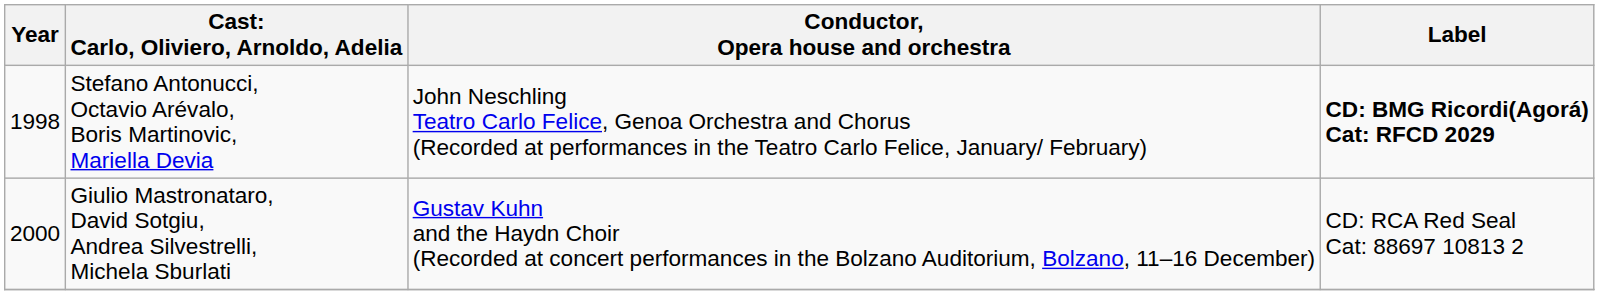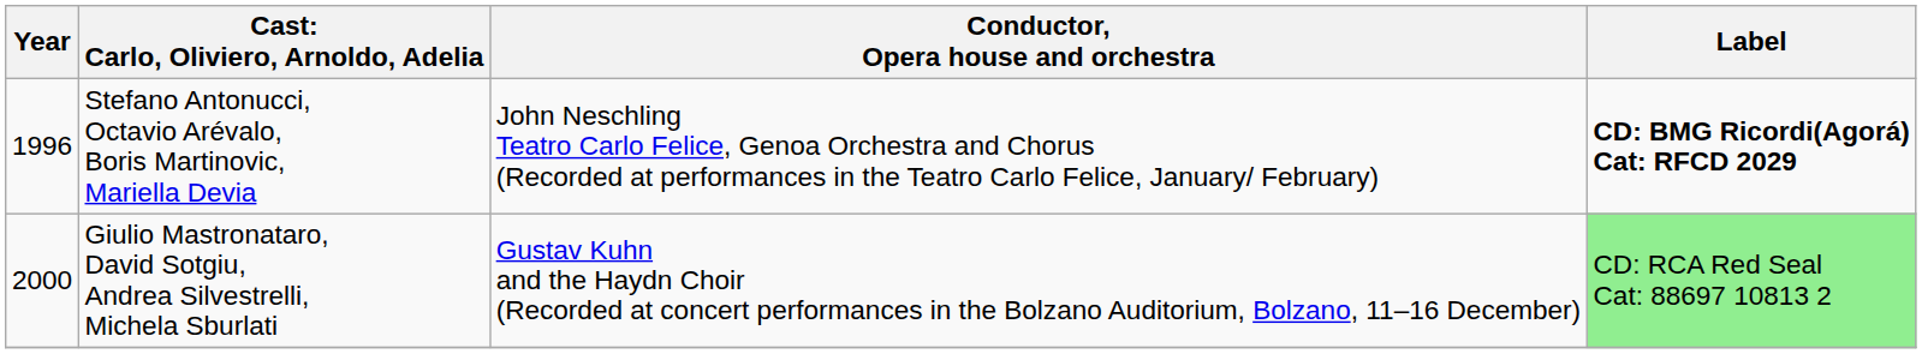 <table class="wikitable">
 <tr>
 <th>Year</th>
 <th>Cast:<br>Carlo, Oliviero, Arnoldo, Adelia</th>
 <th>Conductor,<br>Opera house and orchestra</th>
 <th>Label</th>
 </tr>
 <tr>
-<td>1998</td>
+<td>1996</td>
 <td>Stefano Antonucci,<br>Octavio Arévalo,<br>Boris Martinovic,<br><a href='#'>Mariella Devia</a></td>
 <td>John Neschling<br><a href='#'>Teatro Carlo Felice</a>, Genoa Orchestra and Chorus<br>(Recorded at performances in the Teatro Carlo Felice, January/ February)</td>
 <td><strong>CD: BMG Ricordi(Agorá)<br>Cat: RFCD 2029</strong></td>
 </tr>
 <tr>
 <td>2000</td>
 <td>Giulio Mastronataro,<br>David Sotgiu,<br>Andrea Silvestrelli,<br>Michela Sburlati</td>
 <td><a href='#'>Gustav Kuhn</a><br> and the Haydn Choir<br>(Recorded at concert performances in the Bolzano Auditorium, <a href='#'>Bolzano</a>, 11–16 December)</td>
-<td>CD: RCA Red Seal<br>Cat: 88697 10813 2</td>
+<td style="background: lightgreen;">CD: RCA Red Seal<br>Cat: 88697 10813 2</td>
 </tr>
 <tr>
 </tr>
 </table>
